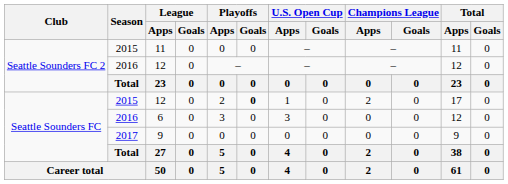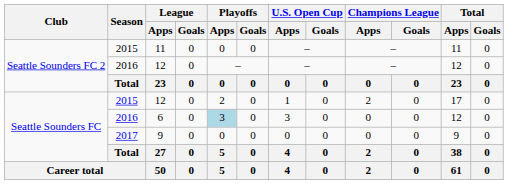 <table class="wikitable" style="text-align:center">
 <tr>
 <th rowspan="2">Club</th>
 <th rowspan="2">Season</th>
 <th colspan="2">League</th>
 <th colspan="2">Playoffs</th>
 <th colspan="2"><a href='#'>U.S. Open Cup</a></th>
 <th colspan="2"><a href='#'>Champions League</a></th>
 <th colspan="2">Total</th>
 </tr>
 <tr>
 <th>Apps</th>
 <th>Goals</th>
 <th>Apps</th>
 <th>Goals</th>
 <th>Apps</th>
 <th>Goals</th>
 <th>Apps</th>
 <th>Goals</th>
 <th>Apps</th>
 <th>Goals</th>
 </tr>
 <tr>
 <td rowspan="3"><a href='#'>Seattle Sounders FC 2</a></td>
 <td>2015</td>
 <td>11</td>
 <td>0</td>
 <td>0</td>
 <td>0</td>
 <td colspan="2">–</td>
 <td colspan="2">–</td>
 <td>11</td>
 <td>0</td>
 </tr>
 <tr>
 <td>2016</td>
 <td>12</td>
 <td>0</td>
 <td colspan="2">–</td>
 <td colspan="2">–</td>
 <td colspan="2">–</td>
 <td>12</td>
 <td>0</td>
 </tr>
 <tr>
 <th colspan="1">Total</th>
 <th>23</th>
 <th>0</th>
 <th>0</th>
 <th>0</th>
 <th>0</th>
 <th>0</th>
 <th>0</th>
 <th>0</th>
 <th>23</th>
 <th>0</th>
 </tr>
 <tr>
 <td rowspan="4"><a href='#'>Seattle Sounders FC</a></td>
 <td><a href='#'>2015</a></td>
 <td>12</td>
 <td>0</td>
 <td>2</td>
-<td><strong>0</strong></td>
+<td>0</td>
 <td>1</td>
 <td>0</td>
 <td>2</td>
 <td>0</td>
 <td>17</td>
 <td>0</td>
 </tr>
 <tr>
 <td><a href='#'>2016</a></td>
 <td>6</td>
 <td>0</td>
-<td>3</td>
+<td style="background: lightblue;">3</td>
 <td>0</td>
 <td>3</td>
 <td>0</td>
 <td>0</td>
 <td>0</td>
 <td>12</td>
 <td>0</td>
 </tr>
 <tr>
 <td><a href='#'>2017</a></td>
 <td>9</td>
 <td>0</td>
 <td>0</td>
 <td>0</td>
 <td>0</td>
 <td>0</td>
 <td>0</td>
 <td>0</td>
 <td>9</td>
 <td>0</td>
 </tr>
 <tr>
 <th colspan="1">Total</th>
 <th>27</th>
 <th>0</th>
 <th>5</th>
 <th>0</th>
 <th>4</th>
 <th>0</th>
 <th>2</th>
 <th>0</th>
 <th>38</th>
 <th>0</th>
 </tr>
 <tr>
 <th colspan="2">Career total</th>
 <th>50</th>
 <th>0</th>
 <th>5</th>
 <th>0</th>
 <th>4</th>
 <th>0</th>
 <th>2</th>
 <th>0</th>
 <th>61</th>
 <th>0</th>
 </tr>
 </table>
